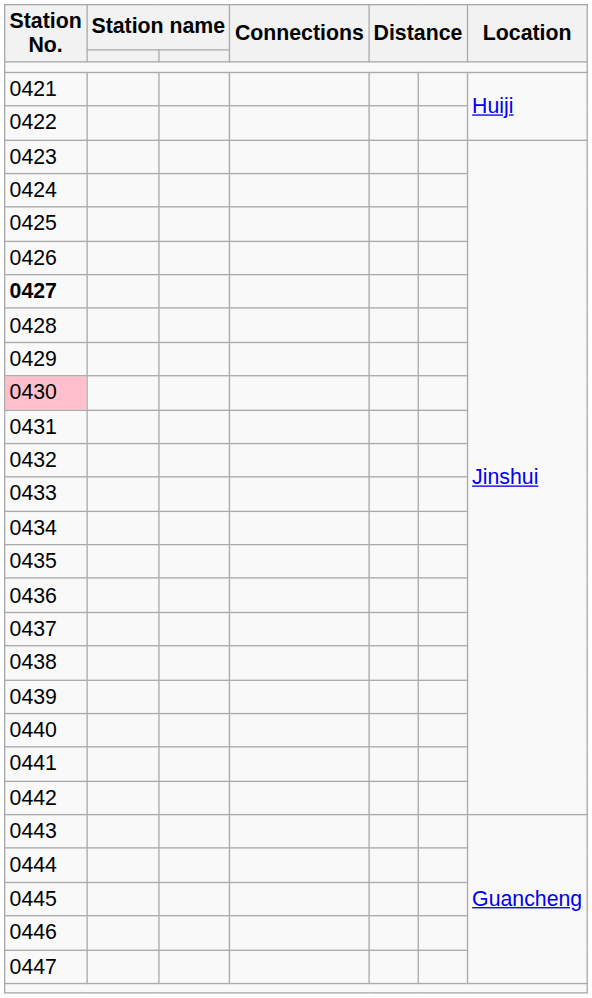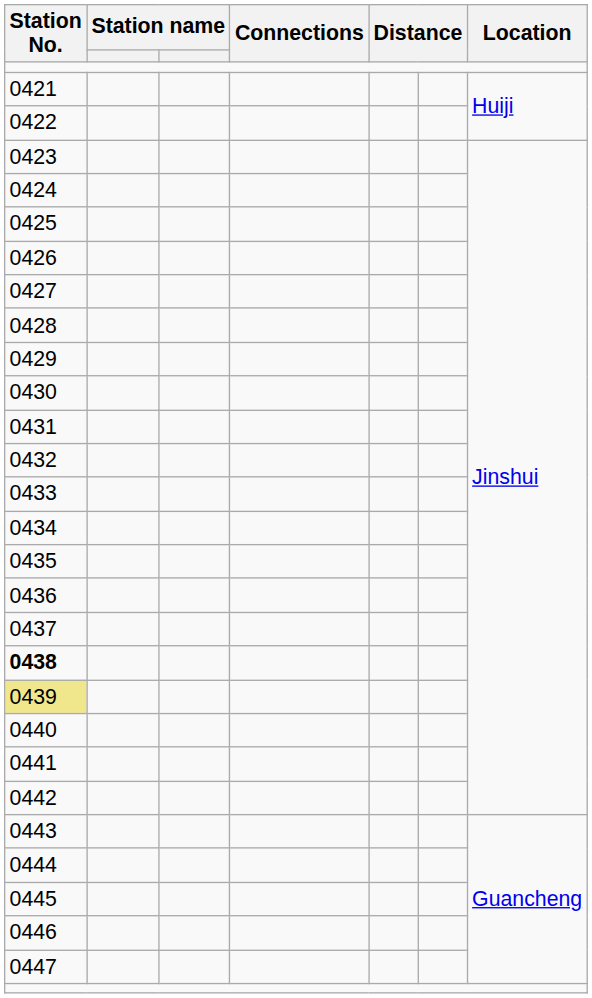 <table class="wikitable">
 <tr>
 <th rowspan="2">Station<br>No.</th>
 <th colspan="2">Station name</th>
 <th rowspan="2">Connections</th>
 <th colspan="2" rowspan="2">Distance<br></th>
 <th rowspan="2">Location</th>
 </tr>
 <tr>
 <th></th>
 <th></th>
 </tr>
 <tr style="background:#">
 <td colspan="7"></td>
 </tr>
 <tr>
 <td>0421</td>
 <td></td>
 <td></td>
 <td></td>
 <td></td>
 <td></td>
 <td rowspan="2"><a href='#'>Huiji</a></td>
 </tr>
 <tr>
 <td>0422</td>
 <td></td>
 <td></td>
 <td></td>
 <td></td>
 <td></td>
 </tr>
 <tr>
 <td>0423</td>
 <td></td>
 <td></td>
 <td></td>
 <td></td>
 <td></td>
 <td rowspan="20"><a href='#'>Jinshui</a></td>
 </tr>
 <tr>
 <td>0424</td>
 <td></td>
 <td></td>
 <td></td>
 <td></td>
 <td></td>
 </tr>
 <tr>
 <td>0425</td>
 <td></td>
 <td></td>
 <td></td>
 <td></td>
 <td></td>
 </tr>
 <tr>
 <td>0426</td>
 <td></td>
 <td></td>
 <td></td>
 <td></td>
 <td></td>
 </tr>
 <tr>
-<td><strong>0427</strong></td>
+<td>0427</td>
 <td></td>
 <td></td>
 <td></td>
 <td></td>
 <td></td>
 </tr>
 <tr>
 <td>0428</td>
 <td></td>
 <td></td>
 <td></td>
 <td></td>
 <td></td>
 </tr>
 <tr>
 <td>0429</td>
 <td></td>
 <td></td>
 <td></td>
 <td></td>
 <td></td>
 </tr>
 <tr>
-<td style="background: pink;">0430</td>
+<td>0430</td>
 <td></td>
 <td></td>
 <td></td>
 <td></td>
 <td></td>
 </tr>
 <tr>
 <td>0431</td>
 <td></td>
 <td></td>
 <td></td>
 <td></td>
 <td></td>
 </tr>
 <tr>
 <td>0432</td>
 <td></td>
 <td></td>
 <td></td>
 <td></td>
 <td></td>
 </tr>
 <tr>
 <td>0433</td>
 <td></td>
 <td></td>
 <td></td>
 <td></td>
 <td></td>
 </tr>
 <tr>
 <td>0434</td>
 <td></td>
 <td></td>
 <td></td>
 <td></td>
 <td></td>
 </tr>
 <tr>
 <td>0435</td>
 <td></td>
 <td></td>
 <td></td>
 <td></td>
 <td></td>
 </tr>
 <tr>
 <td>0436</td>
 <td></td>
 <td></td>
 <td></td>
 <td></td>
 <td></td>
 </tr>
 <tr>
 <td>0437</td>
 <td></td>
 <td></td>
 <td></td>
 <td></td>
 <td></td>
 </tr>
 <tr>
-<td>0438</td>
+<td><strong>0438</strong></td>
 <td></td>
 <td></td>
 <td></td>
 <td></td>
 <td></td>
 </tr>
 <tr>
-<td>0439</td>
+<td style="background: khaki;">0439</td>
 <td></td>
 <td></td>
 <td></td>
 <td></td>
 <td></td>
 </tr>
 <tr>
 <td>0440</td>
 <td></td>
 <td></td>
 <td></td>
 <td></td>
 <td></td>
 </tr>
 <tr>
 <td>0441</td>
 <td></td>
 <td></td>
 <td></td>
 <td></td>
 <td></td>
 </tr>
 <tr>
 <td>0442</td>
 <td></td>
 <td></td>
 <td></td>
 <td></td>
 <td></td>
 </tr>
 <tr>
 <td>0443</td>
 <td></td>
 <td></td>
 <td></td>
 <td></td>
 <td></td>
 <td rowspan="5"><a href='#'>Guancheng</a></td>
 </tr>
 <tr>
 <td>0444</td>
 <td></td>
 <td></td>
 <td></td>
 <td></td>
 <td></td>
 </tr>
 <tr>
 <td>0445</td>
 <td></td>
 <td></td>
 <td></td>
 <td></td>
 <td></td>
 </tr>
 <tr>
 <td>0446</td>
 <td></td>
 <td></td>
 <td></td>
 <td></td>
 <td></td>
 </tr>
 <tr>
 <td>0447</td>
 <td></td>
 <td></td>
 <td></td>
 <td></td>
 <td></td>
 </tr>
 <tr style="background:#">
 <td colspan="7"></td>
 </tr>
 </table>
